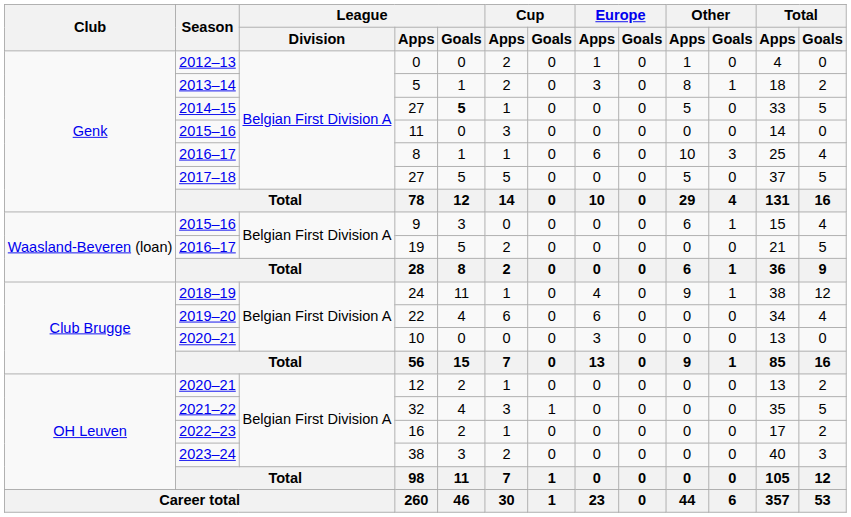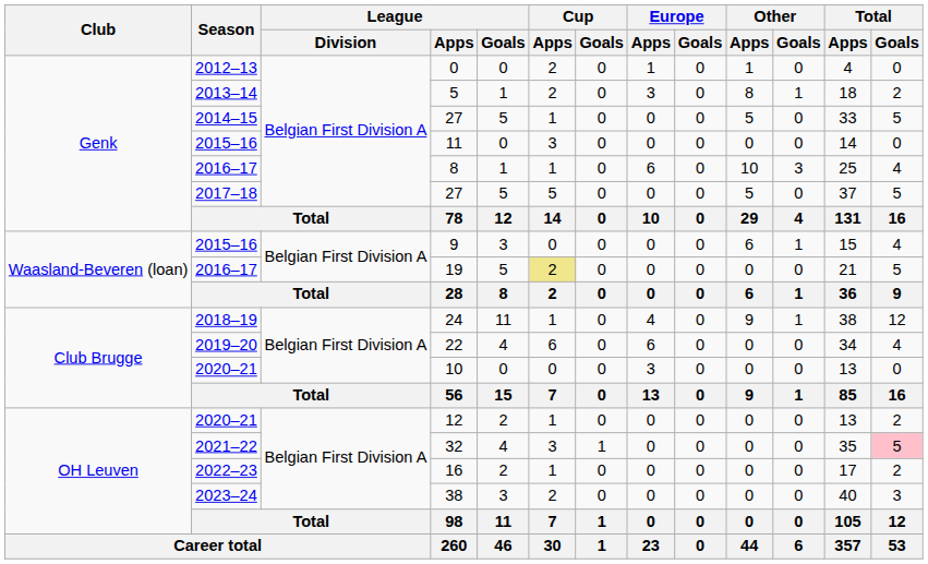 <table class="wikitable" style="text-align: center">
 <tr>
 <th rowspan=2>Club</th>
 <th rowspan=2>Season</th>
 <th colspan=3>League</th>
 <th colspan=2>Cup</th>
 <th colspan=2><a href='#'>Europe</a></th>
 <th colspan=2>Other</th>
 <th colspan=2>Total</th>
 </tr>
 <tr>
 <th>Division</th>
 <th>Apps</th>
 <th>Goals</th>
 <th>Apps</th>
 <th>Goals</th>
 <th>Apps</th>
 <th>Goals</th>
 <th>Apps</th>
 <th>Goals</th>
 <th>Apps</th>
 <th>Goals</th>
 </tr>
 <tr>
 <td rowspan=7><a href='#'>Genk</a></td>
 <td><a href='#'>2012–13</a></td>
 <td rowspan=6><a href='#'>Belgian First Division A</a></td>
 <td>0</td>
 <td>0</td>
 <td>2</td>
 <td>0</td>
 <td>1</td>
 <td>0</td>
 <td>1</td>
 <td>0</td>
 <td>4</td>
 <td>0</td>
 </tr>
 <tr>
 <td><a href='#'>2013–14</a></td>
 <td>5</td>
 <td>1</td>
 <td>2</td>
 <td>0</td>
 <td>3</td>
 <td>0</td>
 <td>8</td>
 <td>1</td>
 <td>18</td>
 <td>2</td>
 </tr>
 <tr>
 <td><a href='#'>2014–15</a></td>
 <td>27</td>
-<td><strong>5</strong></td>
+<td>5</td>
 <td>1</td>
 <td>0</td>
 <td>0</td>
 <td>0</td>
 <td>5</td>
 <td>0</td>
 <td>33</td>
 <td>5</td>
 </tr>
 <tr>
 <td><a href='#'>2015–16</a></td>
 <td>11</td>
 <td>0</td>
 <td>3</td>
 <td>0</td>
 <td>0</td>
 <td>0</td>
 <td>0</td>
 <td>0</td>
 <td>14</td>
 <td>0</td>
 </tr>
 <tr>
 <td><a href='#'>2016–17</a></td>
 <td>8</td>
 <td>1</td>
 <td>1</td>
 <td>0</td>
 <td>6</td>
 <td>0</td>
 <td>10</td>
 <td>3</td>
 <td>25</td>
 <td>4</td>
 </tr>
 <tr>
 <td><a href='#'>2017–18</a></td>
 <td>27</td>
 <td>5</td>
 <td>5</td>
 <td>0</td>
 <td>0</td>
 <td>0</td>
 <td>5</td>
 <td>0</td>
 <td>37</td>
 <td>5</td>
 </tr>
 <tr>
 <th colspan=2>Total</th>
 <th>78</th>
 <th>12</th>
 <th>14</th>
 <th>0</th>
 <th>10</th>
 <th>0</th>
 <th>29</th>
 <th>4</th>
 <th>131</th>
 <th>16</th>
 </tr>
 <tr>
 <td rowspan=3><a href='#'>Waasland-Beveren</a> (loan)</td>
 <td><a href='#'>2015–16</a></td>
 <td rowspan=2>Belgian First Division A</td>
 <td>9</td>
 <td>3</td>
 <td>0</td>
 <td>0</td>
 <td>0</td>
 <td>0</td>
 <td>6</td>
 <td>1</td>
 <td>15</td>
 <td>4</td>
 </tr>
 <tr>
 <td><a href='#'>2016–17</a></td>
 <td>19</td>
 <td>5</td>
-<td>2</td>
+<td style="background: khaki;">2</td>
 <td>0</td>
 <td>0</td>
 <td>0</td>
 <td>0</td>
 <td>0</td>
 <td>21</td>
 <td>5</td>
 </tr>
 <tr>
 <th colspan=2>Total</th>
 <th>28</th>
 <th>8</th>
 <th>2</th>
 <th>0</th>
 <th>0</th>
 <th>0</th>
 <th>6</th>
 <th>1</th>
 <th>36</th>
 <th>9</th>
 </tr>
 <tr>
 <td rowspan=4><a href='#'>Club Brugge</a></td>
 <td><a href='#'>2018–19</a></td>
 <td rowspan=3>Belgian First Division A</td>
 <td>24</td>
 <td>11</td>
 <td>1</td>
 <td>0</td>
 <td>4</td>
 <td>0</td>
 <td>9</td>
 <td>1</td>
 <td>38</td>
 <td>12</td>
 </tr>
 <tr>
 <td><a href='#'>2019–20</a></td>
 <td>22</td>
 <td>4</td>
 <td>6</td>
 <td>0</td>
 <td>6</td>
 <td>0</td>
 <td>0</td>
 <td>0</td>
 <td>34</td>
 <td>4</td>
 </tr>
 <tr>
 <td><a href='#'>2020–21</a></td>
 <td>10</td>
 <td>0</td>
 <td>0</td>
 <td>0</td>
 <td>3</td>
 <td>0</td>
 <td>0</td>
 <td>0</td>
 <td>13</td>
 <td>0</td>
 </tr>
 <tr>
 <th colspan=2>Total</th>
 <th>56</th>
 <th>15</th>
 <th>7</th>
 <th>0</th>
 <th>13</th>
 <th>0</th>
 <th>9</th>
 <th>1</th>
 <th>85</th>
 <th>16</th>
 </tr>
 <tr>
 <td rowspan=5><a href='#'>OH Leuven</a></td>
 <td><a href='#'>2020–21</a></td>
 <td rowspan=4>Belgian First Division A</td>
 <td>12</td>
 <td>2</td>
 <td>1</td>
 <td>0</td>
 <td>0</td>
 <td>0</td>
 <td>0</td>
 <td>0</td>
 <td>13</td>
 <td>2</td>
 </tr>
 <tr>
 <td><a href='#'>2021–22</a></td>
 <td>32</td>
 <td>4</td>
 <td>3</td>
 <td>1</td>
 <td>0</td>
 <td>0</td>
 <td>0</td>
 <td>0</td>
 <td>35</td>
-<td>5</td>
+<td style="background: pink;">5</td>
 </tr>
 <tr>
 <td><a href='#'>2022–23</a></td>
 <td>16</td>
 <td>2</td>
 <td>1</td>
 <td>0</td>
 <td>0</td>
 <td>0</td>
 <td>0</td>
 <td>0</td>
 <td>17</td>
 <td>2</td>
 </tr>
 <tr>
 <td><a href='#'>2023–24</a></td>
 <td>38</td>
 <td>3</td>
 <td>2</td>
 <td>0</td>
 <td>0</td>
 <td>0</td>
 <td>0</td>
 <td>0</td>
 <td>40</td>
 <td>3</td>
 </tr>
 <tr>
 <th colspan=2>Total</th>
 <th>98</th>
 <th>11</th>
 <th>7</th>
 <th>1</th>
 <th>0</th>
 <th>0</th>
 <th>0</th>
 <th>0</th>
 <th>105</th>
 <th>12</th>
 </tr>
 <tr>
 <th colspan=3>Career total</th>
 <th>260</th>
 <th>46</th>
 <th>30</th>
 <th>1</th>
 <th>23</th>
 <th>0</th>
 <th>44</th>
 <th>6</th>
 <th>357</th>
 <th>53</th>
 </tr>
 </table>
